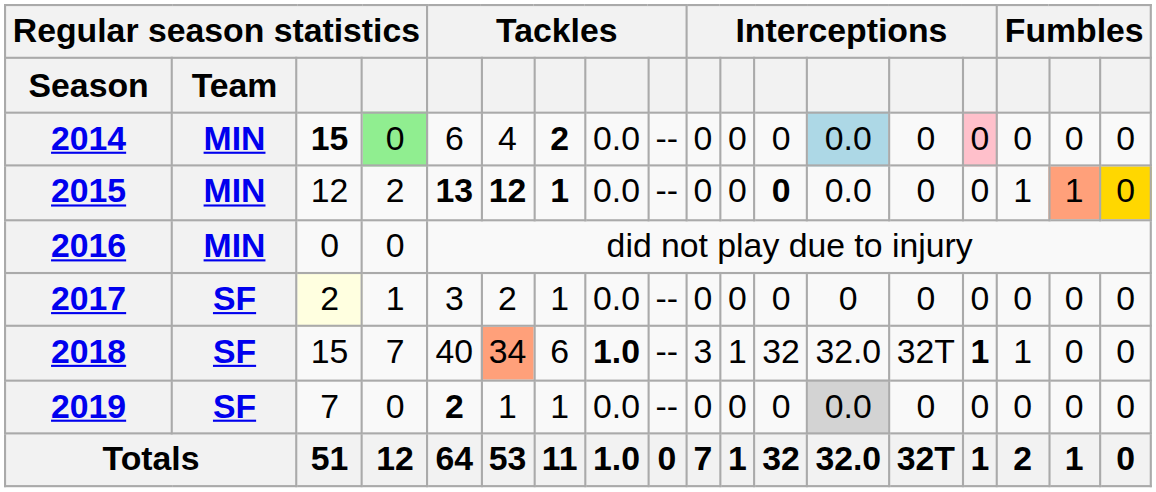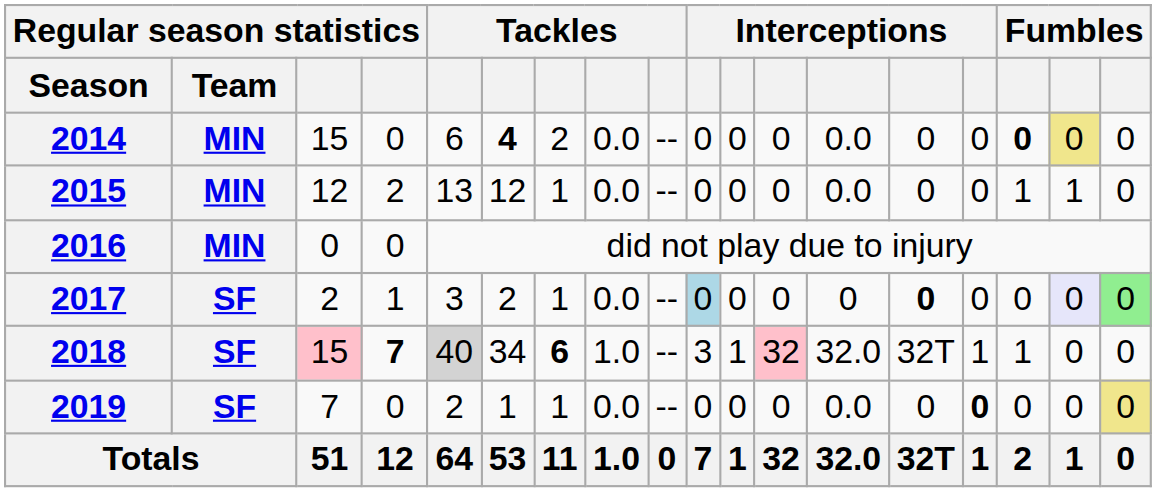 <table class="wikitable" style="text-align:center;">
 <tr>
 <th colspan="4">Regular season statistics</th>
 <th colspan="5">Tackles</th>
 <th colspan="6">Interceptions</th>
 <th colspan="3">Fumbles</th>
 </tr>
 <tr>
 <th>Season</th>
 <th>Team</th>
 <th></th>
 <th></th>
 <th></th>
 <th></th>
 <th></th>
 <th></th>
 <th></th>
 <th></th>
 <th></th>
 <th></th>
 <th></th>
 <th></th>
 <th></th>
 <th></th>
 <th></th>
 <th></th>
 </tr>
 <tr>
 <th><a href='#'>2014</a></th>
 <th><a href='#'>MIN</a></th>
-<td><strong>15</strong></td>
-<td style="background: lightgreen;">0</td>
+<td>15</td>
+<td>0</td>
 <td>6</td>
-<td>4</td>
-<td><strong>2</strong></td>
+<td><strong>4</strong></td>
+<td>2</td>
 <td>0.0</td>
 <td>--</td>
 <td>0</td>
 <td>0</td>
 <td>0</td>
-<td style="background: lightblue;">0.0</td>
-<td>0</td>
-<td style="background: pink;">0</td>
+<td>0.0</td>
 <td>0</td>
 <td>0</td>
+<td><strong>0</strong></td>
+<td style="background: khaki;">0</td>
 <td>0</td>
 </tr>
 <tr>
 <th><a href='#'>2015</a></th>
 <th><a href='#'>MIN</a></th>
 <td>12</td>
 <td>2</td>
-<td><strong>13</strong></td>
-<td><strong>12</strong></td>
-<td><strong>1</strong></td>
+<td>13</td>
+<td>12</td>
+<td>1</td>
 <td>0.0</td>
 <td>--</td>
 <td>0</td>
 <td>0</td>
-<td><strong>0</strong></td>
+<td>0</td>
 <td>0.0</td>
 <td>0</td>
 <td>0</td>
 <td>1</td>
-<td style="background: lightsalmon;">1</td>
-<td style="background: gold;">0</td>
+<td>1</td>
+<td>0</td>
 </tr>
 <tr>
 <th><a href='#'>2016</a></th>
 <th><a href='#'>MIN</a></th>
 <td>0</td>
 <td>0</td>
 <td colspan=14>did not play due to injury</td>
 </tr>
 <tr>
 <th><a href='#'>2017</a></th>
 <th><a href='#'>SF</a></th>
-<td style="background: lightyellow;">2</td>
+<td>2</td>
 <td>1</td>
 <td>3</td>
 <td>2</td>
 <td>1</td>
 <td>0.0</td>
 <td>--</td>
+<td style="background: lightblue;">0</td>
 <td>0</td>
 <td>0</td>
 <td>0</td>
+<td><strong>0</strong></td>
 <td>0</td>
 <td>0</td>
-<td>0</td>
-<td>0</td>
-<td>0</td>
-<td>0</td>
+<td style="background: lavender;">0</td>
+<td style="background: lightgreen;">0</td>
 </tr>
 <tr>
 <th><a href='#'>2018</a></th>
 <th><a href='#'>SF</a></th>
-<td>15</td>
-<td>7</td>
-<td>40</td>
-<td style="background: lightsalmon;">34</td>
-<td>6</td>
-<td><strong>1.0</strong></td>
+<td style="background: pink;">15</td>
+<td><strong>7</strong></td>
+<td style="background: lightgrey;">40</td>
+<td>34</td>
+<td><strong>6</strong></td>
+<td>1.0</td>
 <td>--</td>
 <td>3</td>
 <td>1</td>
-<td>32</td>
+<td style="background: pink;">32</td>
 <td>32.0</td>
 <td>32T</td>
-<td><strong>1</strong></td>
+<td>1</td>
 <td>1</td>
 <td>0</td>
 <td>0</td>
 </tr>
 <tr>
 <th><a href='#'>2019</a></th>
 <th><a href='#'>SF</a></th>
 <td>7</td>
 <td>0</td>
-<td><strong>2</strong></td>
+<td>2</td>
 <td>1</td>
 <td>1</td>
 <td>0.0</td>
 <td>--</td>
 <td>0</td>
 <td>0</td>
 <td>0</td>
-<td style="background: lightgrey;">0.0</td>
+<td>0.0</td>
+<td>0</td>
+<td><strong>0</strong></td>
 <td>0</td>
 <td>0</td>
-<td>0</td>
-<td>0</td>
-<td>0</td>
+<td style="background: khaki;">0</td>
 </tr>
 <tr>
 <th colspan="2">Totals</th>
 <th>51</th>
 <th>12</th>
 <th>64</th>
 <th>53</th>
 <th>11</th>
 <th>1.0</th>
 <th>0</th>
 <th>7</th>
 <th>1</th>
 <th>32</th>
 <th>32.0</th>
 <th>32T</th>
 <th>1</th>
 <th>2</th>
 <th>1</th>
 <th>0</th>
 </tr>
 </table>
